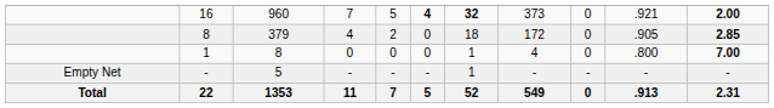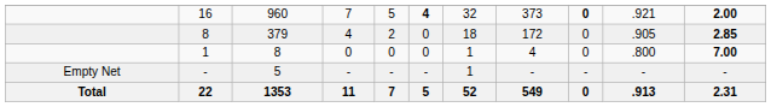 <table class="wikitable sortable" width ="1000">
 <tr align="center">
 </tr>
 <tr align="center" bgcolor="">
 <td></td>
 <td>16</td>
 <td>960</td>
 <td>7</td>
 <td>5</td>
 <td><strong>4</strong></td>
-<td><strong>32</strong></td>
+<td>32</td>
 <td>373</td>
-<td>0</td>
+<td><strong>0</strong></td>
 <td>.921</td>
 <td><strong>2.00</strong></td>
 </tr>
 <tr align="center" bgcolor="f0f0f0">
 <td></td>
 <td>8</td>
 <td>379</td>
 <td>4</td>
 <td>2</td>
 <td>0</td>
 <td>18</td>
 <td>172</td>
 <td>0</td>
 <td>.905</td>
 <td><strong>2.85</strong></td>
 </tr>
 <tr align="center" bgcolor="">
 <td></td>
 <td>1</td>
 <td>8</td>
 <td>0</td>
 <td>0</td>
 <td>0</td>
 <td>1</td>
 <td>4</td>
 <td>0</td>
 <td>.800</td>
 <td><strong>7.00</strong></td>
 </tr>
 <tr align="center" bgcolor="f0f0f0">
 <td>Empty Net</td>
 <td>-</td>
 <td>5</td>
 <td>-</td>
 <td>-</td>
 <td>-</td>
 <td>1</td>
 <td>-</td>
 <td>-</td>
 <td>-</td>
 <td>-</td>
 </tr>
 <tr>
 <th>Total</th>
 <th>22</th>
 <th>1353</th>
 <th>11</th>
 <th>7</th>
 <th>5</th>
 <th>52</th>
 <th>549</th>
 <th>0</th>
 <th>.913</th>
 <th>2.31</th>
 </tr>
 </table>
